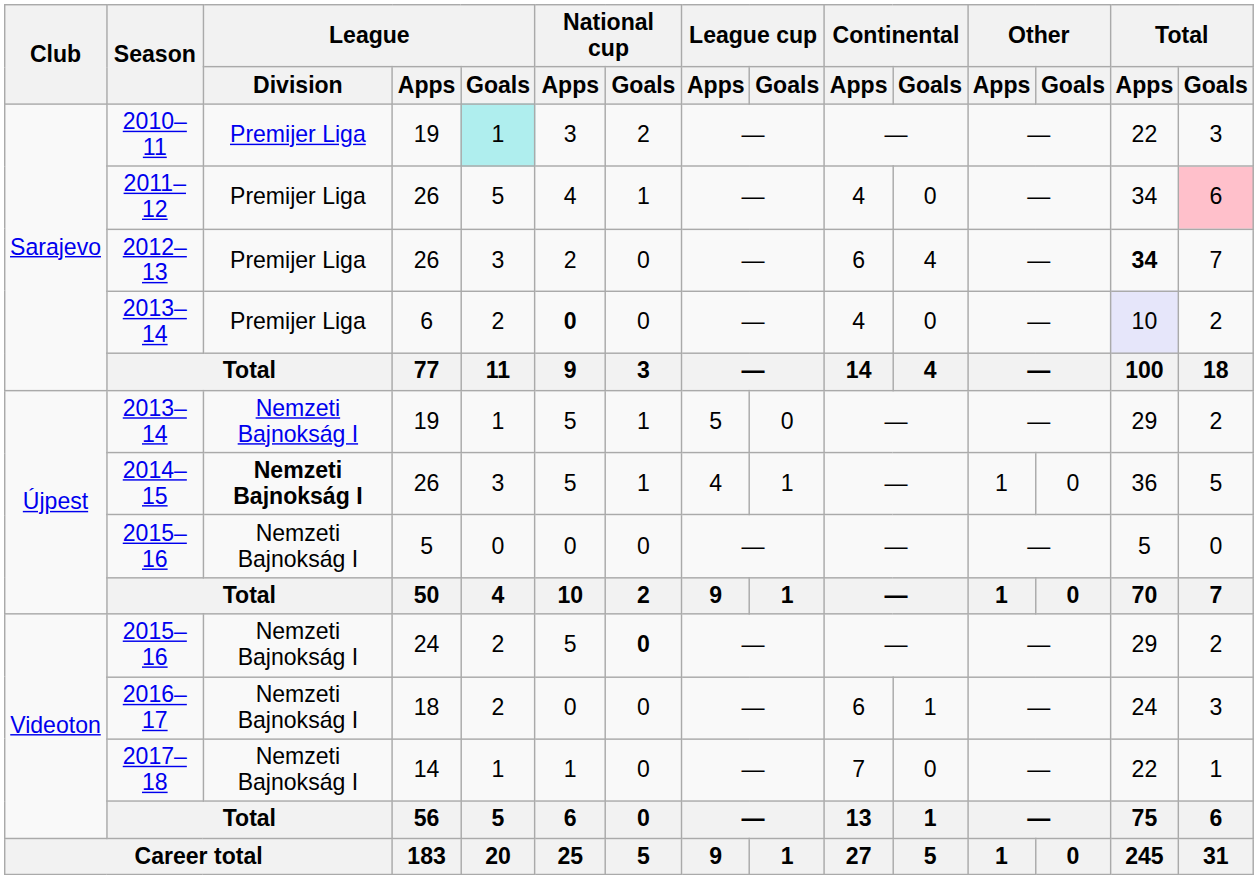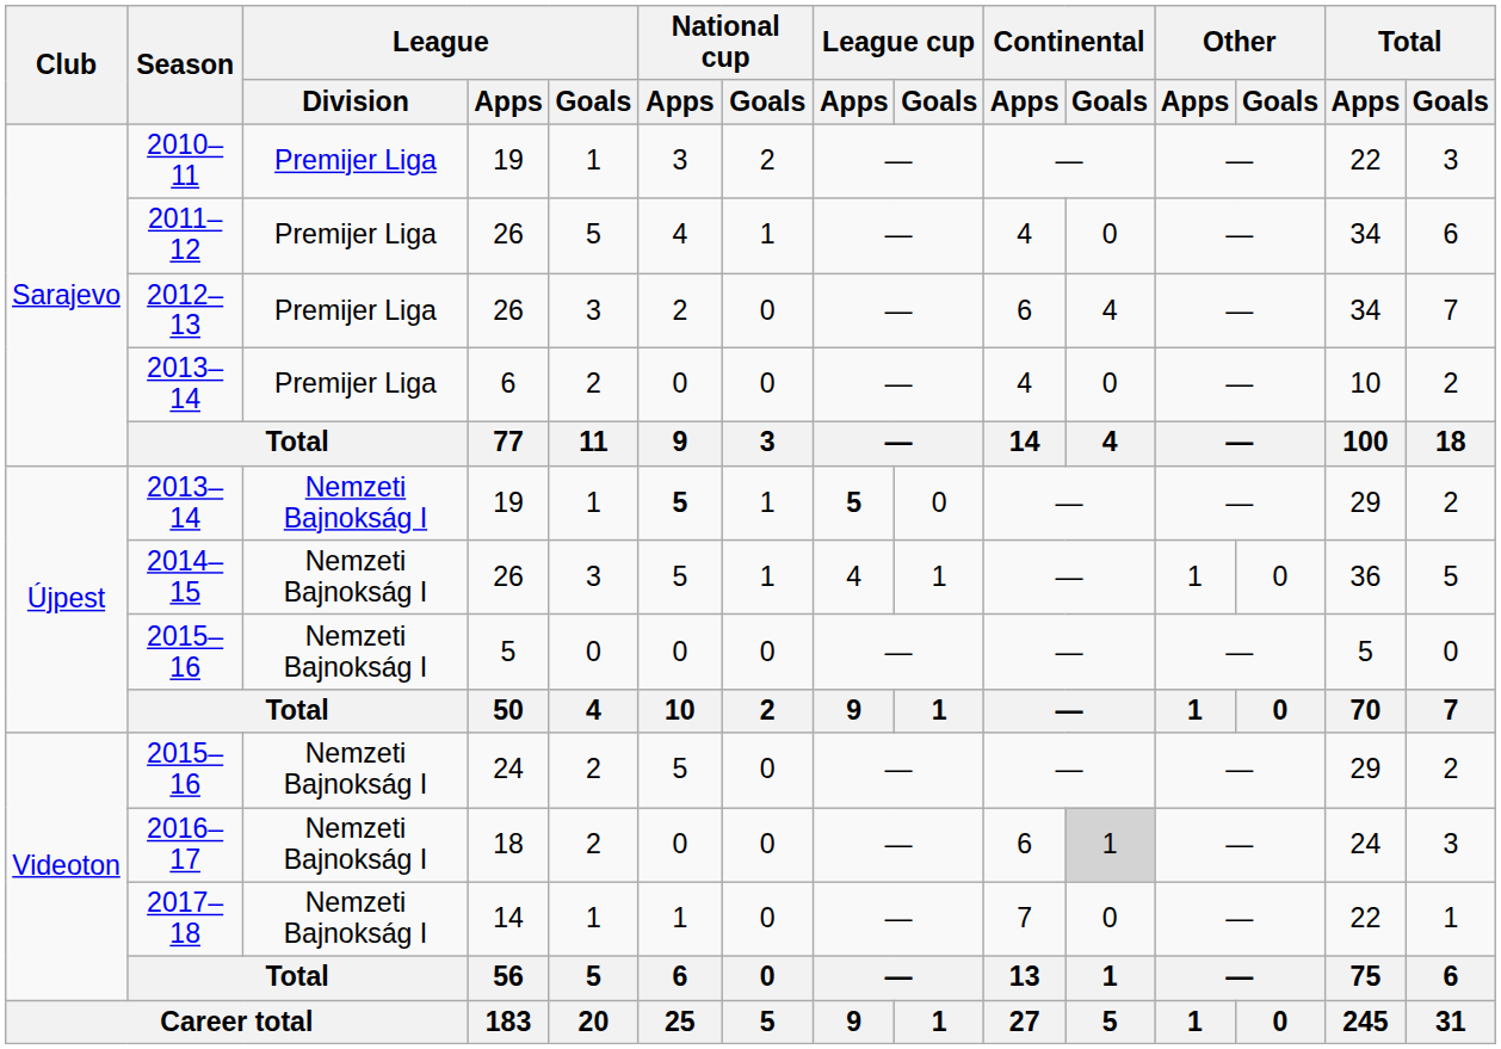 <table class="wikitable" style="text-align: center;">
 <tr>
 <th rowspan=2>Club</th>
 <th rowspan=2>Season</th>
 <th colspan=3>League</th>
 <th colspan=2>National cup</th>
 <th colspan=2>League cup</th>
 <th colspan=2>Continental</th>
 <th colspan=2>Other</th>
 <th colspan=2>Total</th>
 </tr>
 <tr>
 <th>Division</th>
 <th>Apps</th>
 <th>Goals</th>
 <th>Apps</th>
 <th>Goals</th>
 <th>Apps</th>
 <th>Goals</th>
 <th>Apps</th>
 <th>Goals</th>
 <th>Apps</th>
 <th>Goals</th>
 <th>Apps</th>
 <th>Goals</th>
 </tr>
 <tr>
 <td rowspan=5><a href='#'>Sarajevo</a></td>
 <td><a href='#'>2010–11</a></td>
 <td><a href='#'>Premijer Liga</a></td>
 <td>19</td>
-<td style="background: paleturquoise;">1</td>
+<td>1</td>
 <td>3</td>
 <td>2</td>
 <td colspan=2>—</td>
 <td colspan=2>—</td>
 <td colspan=2>—</td>
 <td>22</td>
 <td>3</td>
 </tr>
 <tr>
 <td><a href='#'>2011–12</a></td>
 <td>Premijer Liga</td>
 <td>26</td>
 <td>5</td>
 <td>4</td>
 <td>1</td>
 <td colspan=2>—</td>
 <td>4</td>
 <td>0</td>
 <td colspan=2>—</td>
 <td>34</td>
-<td style="background: pink;">6</td>
+<td>6</td>
 </tr>
 <tr>
 <td><a href='#'>2012–13</a></td>
 <td>Premijer Liga</td>
 <td>26</td>
 <td>3</td>
 <td>2</td>
 <td>0</td>
 <td colspan=2>—</td>
 <td>6</td>
 <td>4</td>
 <td colspan=2>—</td>
-<td><strong>34</strong></td>
+<td>34</td>
 <td>7</td>
 </tr>
 <tr>
 <td><a href='#'>2013–14</a></td>
 <td>Premijer Liga</td>
 <td>6</td>
 <td>2</td>
-<td><strong>0</strong></td>
+<td>0</td>
 <td>0</td>
 <td colspan=2>—</td>
 <td>4</td>
 <td>0</td>
 <td colspan=2>—</td>
-<td style="background: lavender;">10</td>
+<td>10</td>
 <td>2</td>
 </tr>
 <tr>
 <th colspan=2>Total</th>
 <th>77</th>
 <th>11</th>
 <th>9</th>
 <th>3</th>
 <th colspan=2>—</th>
 <th>14</th>
 <th>4</th>
 <th colspan=2>—</th>
 <th>100</th>
 <th>18</th>
 </tr>
 <tr>
 <td rowspan=4><a href='#'>Újpest</a></td>
 <td><a href='#'>2013–14</a></td>
 <td><a href='#'>Nemzeti Bajnokság I</a></td>
 <td>19</td>
 <td>1</td>
-<td>5</td>
+<td><strong>5</strong></td>
 <td>1</td>
-<td>5</td>
+<td><strong>5</strong></td>
 <td>0</td>
 <td colspan=2>—</td>
 <td colspan=2>—</td>
 <td>29</td>
 <td>2</td>
 </tr>
 <tr>
 <td><a href='#'>2014–15</a></td>
-<td><strong>Nemzeti Bajnokság I</strong></td>
+<td>Nemzeti Bajnokság I</td>
 <td>26</td>
 <td>3</td>
 <td>5</td>
 <td>1</td>
 <td>4</td>
 <td>1</td>
 <td colspan=2>—</td>
 <td>1</td>
 <td>0</td>
 <td>36</td>
 <td>5</td>
 </tr>
 <tr>
 <td><a href='#'>2015–16</a></td>
 <td>Nemzeti Bajnokság I</td>
 <td>5</td>
 <td>0</td>
 <td>0</td>
 <td>0</td>
 <td colspan=2>—</td>
 <td colspan=2>—</td>
 <td colspan=2>—</td>
 <td>5</td>
 <td>0</td>
 </tr>
 <tr>
 <th colspan=2>Total</th>
 <th>50</th>
 <th>4</th>
 <th>10</th>
 <th>2</th>
 <th>9</th>
 <th>1</th>
 <th colspan=2>—</th>
 <th>1</th>
 <th>0</th>
 <th>70</th>
 <th>7</th>
 </tr>
 <tr>
 <td rowspan=4><a href='#'>Videoton</a></td>
 <td><a href='#'>2015–16</a></td>
 <td>Nemzeti Bajnokság I</td>
 <td>24</td>
 <td>2</td>
 <td>5</td>
-<td><strong>0</strong></td>
+<td>0</td>
 <td colspan=2>—</td>
 <td colspan=2>—</td>
 <td colspan=2>—</td>
 <td>29</td>
 <td>2</td>
 </tr>
 <tr>
 <td><a href='#'>2016–17</a></td>
 <td>Nemzeti Bajnokság I</td>
 <td>18</td>
 <td>2</td>
 <td>0</td>
 <td>0</td>
 <td colspan=2>—</td>
 <td>6</td>
-<td>1</td>
+<td style="background: lightgrey;">1</td>
 <td colspan=2>—</td>
 <td>24</td>
 <td>3</td>
 </tr>
 <tr>
 <td><a href='#'>2017–18</a></td>
 <td>Nemzeti Bajnokság I</td>
 <td>14</td>
 <td>1</td>
 <td>1</td>
 <td>0</td>
 <td colspan=2>—</td>
 <td>7</td>
 <td>0</td>
 <td colspan=2>—</td>
 <td>22</td>
 <td>1</td>
 </tr>
 <tr>
 <th colspan=2>Total</th>
 <th>56</th>
 <th>5</th>
 <th>6</th>
 <th>0</th>
 <th colspan=2>—</th>
 <th>13</th>
 <th>1</th>
 <th colspan=2>—</th>
 <th>75</th>
 <th>6</th>
 </tr>
 <tr>
 <th colspan=3>Career total</th>
 <th>183</th>
 <th>20</th>
 <th>25</th>
 <th>5</th>
 <th>9</th>
 <th>1</th>
 <th>27</th>
 <th>5</th>
 <th>1</th>
 <th>0</th>
 <th>245</th>
 <th>31</th>
 </tr>
 </table>
